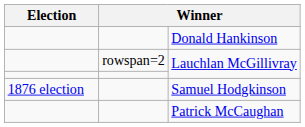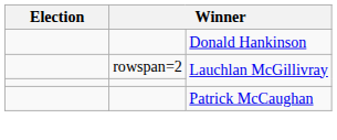 <table class=wikitable>
 <tr>
 <th width=100>Election</th>
 <th width=175 colspan=2>Winner</th>
 </tr>
 <tr>
 <td></td>
 <td></td>
 <td><a href='#'>Donald Hankinson</a></td>
 </tr>
 <tr>
 <td></td>
 <td>rowspan=2 </td>
 <td rowspan=2><a href='#'>Lauchlan McGillivray</a></td>
 </tr>
 <tr>
 <td></td>
 </tr>
 <tr>
-<td><a href='#'>1876 election</a></td>
-<td></td>
-<td><a href='#'>Samuel Hodgkinson</a></td>
-</tr>
-<tr>
 <td></td>
 <td></td>
 <td><a href='#'>Patrick McCaughan</a></td>
 </tr>
 </table>
